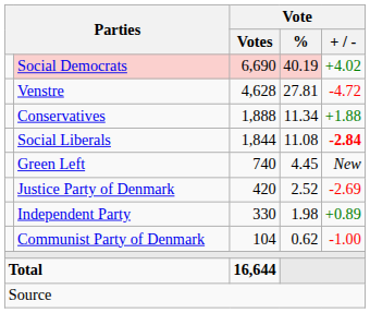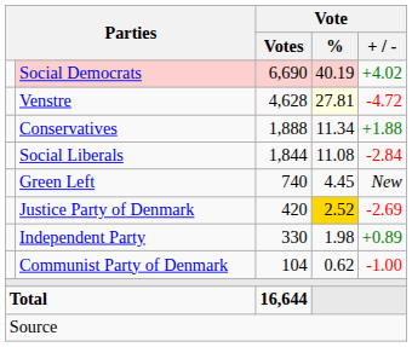 <table class="wikitable" style="text-align:right;">
 <tr>
 <th style="text-align:centre;" rowspan="2" colspan="2" width="225">Parties</th>
 <th colspan="3">Vote</th>
 </tr>
 <tr>
 <th width="15">Votes</th>
 <th width="15">%</th>
 <th width="15">+ / -</th>
 </tr>
 <tr>
 <td width="2" style="color:inherit;background:"></td>
 <td bgcolor=#fbd0ce  align="left"><a href='#'>Social Democrats</a></td>
 <td bgcolor=#fbd0ce>6,690</td>
 <td bgcolor=#fbd0ce>40.19</td>
 <td style=color:green;>+4.02</td>
 </tr>
 <tr>
 <td width="2" style="color:inherit;background:"></td>
 <td align="left"><a href='#'>Venstre</a></td>
 <td>4,628</td>
-<td>27.81</td>
+<td style="background: lightyellow;">27.81</td>
 <td style=color:red;>-4.72</td>
 </tr>
 <tr>
 <td width="2" style="color:inherit;background:"></td>
 <td align="left"><a href='#'>Conservatives</a></td>
 <td>1,888</td>
 <td>11.34</td>
 <td style=color:green;>+1.88</td>
 </tr>
 <tr>
 <td width="2" style="color:inherit;background:"></td>
 <td align="left"><a href='#'>Social Liberals</a></td>
 <td>1,844</td>
 <td>11.08</td>
-<td style=color:red;><strong>-2.84</strong></td>
+<td style=color:red;>-2.84</td>
 </tr>
 <tr>
 <td width="2" style="color:inherit;background:"></td>
 <td align="left"><a href='#'>Green Left</a></td>
 <td>740</td>
 <td>4.45</td>
 <td><em>New</em></td>
 </tr>
 <tr>
 <td width="2" style="color:inherit;background:"></td>
 <td align="left"><a href='#'>Justice Party of Denmark</a></td>
 <td>420</td>
-<td>2.52</td>
+<td style="background: gold;">2.52</td>
 <td style=color:red;>-2.69</td>
 </tr>
 <tr>
 <td width="2" style="color:inherit;background:"></td>
 <td align="left"><a href='#'>Independent Party</a></td>
 <td>330</td>
 <td>1.98</td>
 <td style=color:green;>+0.89</td>
 </tr>
 <tr>
 <td width="2" style="color:inherit;background:"></td>
 <td align="left"><a href='#'>Communist Party of Denmark</a></td>
 <td>104</td>
 <td>0.62</td>
 <td style=color:red;>-1.00</td>
 </tr>
 <tr>
 <td colspan="7" bgcolor="#E9E9E9"></td>
 </tr>
 <tr>
 <td align="left" colspan="2"><strong>Total</strong></td>
 <td><strong>16,644</strong></td>
 <td bgcolor="#E9E9E9" colspan="2"></td>
 </tr>
 <tr>
 <td align="left" colspan="6">Source</td>
 </tr>
 </table>
